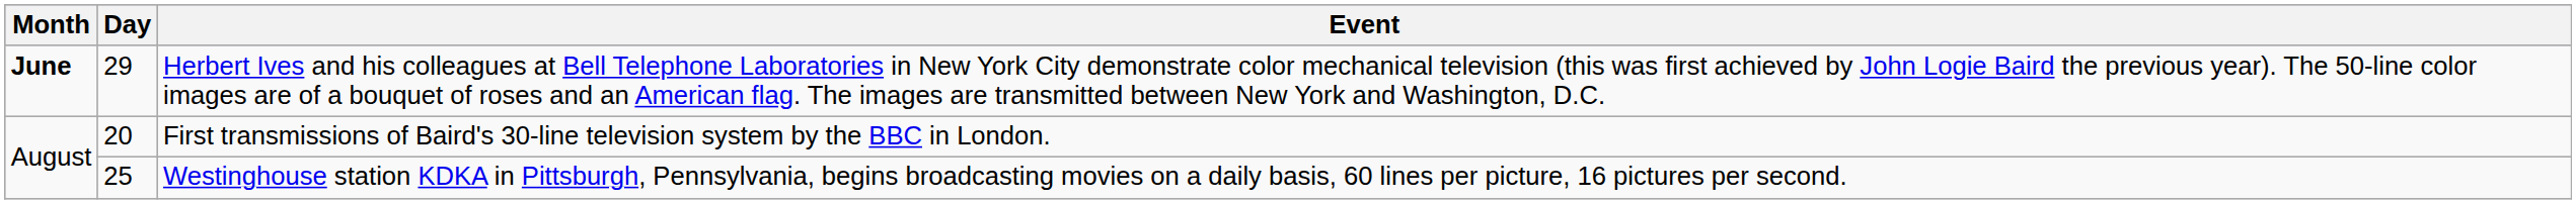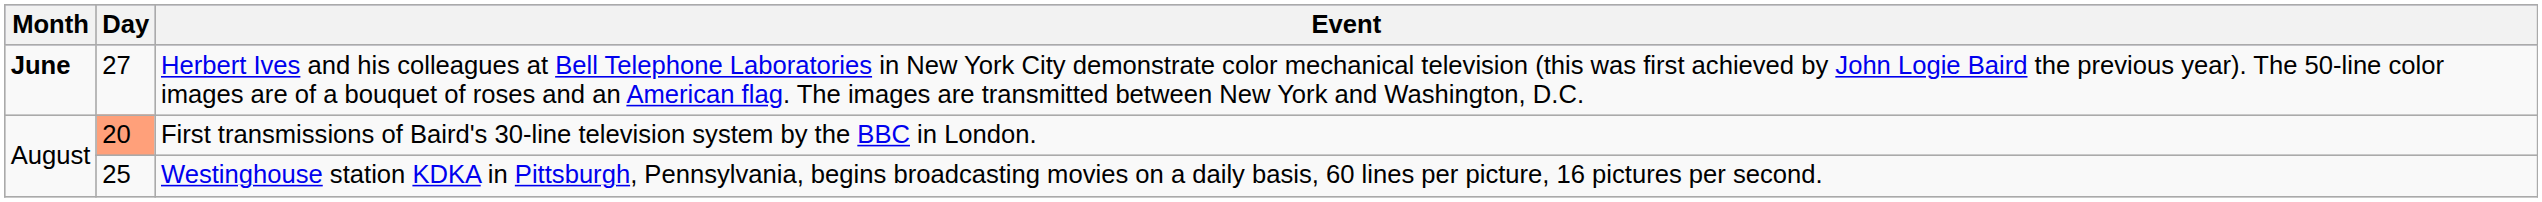 <table width=100% class="wikitable">
 <tr bgcolor="#CCCCFF" align="left">
 <th>Month</th>
 <th>Day</th>
 <th>Event</th>
 </tr>
 <tr valign="top">
 <td><strong>June</strong></td>
-<td>29</td>
+<td>27</td>
 <td><a href='#'>Herbert Ives</a> and his colleagues at <a href='#'>Bell Telephone Laboratories</a> in New York City demonstrate color mechanical television (this was first achieved by <a href='#'>John Logie Baird</a> the previous year). The 50-line color images are of a bouquet of roses and an <a href='#'>American flag</a>. The images are transmitted between New York and Washington, D.C.</td>
 </tr>
 <tr>
 <td rowspan="2">August</td>
-<td>20</td>
+<td style="background: lightsalmon;">20</td>
 <td>First transmissions of Baird's 30-line television system by the <a href='#'>BBC</a> in London.</td>
 </tr>
 <tr>
 <td>25</td>
 <td><a href='#'>Westinghouse</a> station <a href='#'>KDKA</a> in <a href='#'>Pittsburgh</a>, Pennsylvania, begins broadcasting movies on a daily basis, 60 lines per picture, 16 pictures per second.</td>
 </tr>
 </table>
